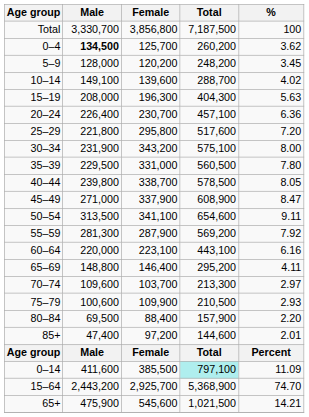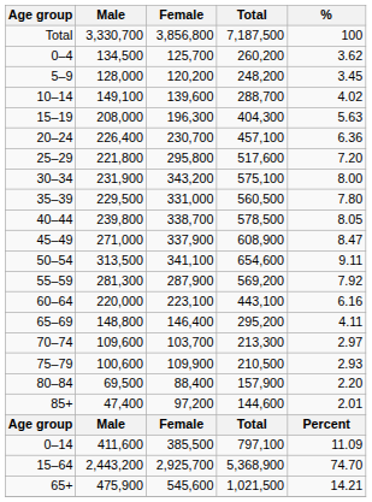 <table class="wikitable" style="text-align:right;">
 <tr>
 <th width="80pt">Age group</th>
 <th width="80pt">Male</th>
 <th width="80pt">Female</th>
 <th width="80pt">Total</th>
 <th width="90pt">%</th>
 </tr>
 <tr>
 <td>Total</td>
 <td>3,330,700</td>
 <td>3,856,800</td>
 <td>7,187,500</td>
 <td>100</td>
 </tr>
 <tr>
 <td>0–4</td>
-<td><strong>134,500</strong></td>
+<td>134,500</td>
 <td>125,700</td>
 <td>260,200</td>
 <td>3.62</td>
 </tr>
 <tr>
 <td>5–9</td>
 <td>128,000</td>
 <td>120,200</td>
 <td>248,200</td>
 <td>3.45</td>
 </tr>
 <tr>
 <td>10–14</td>
 <td>149,100</td>
 <td>139,600</td>
 <td>288,700</td>
 <td>4.02</td>
 </tr>
 <tr>
 <td>15–19</td>
 <td>208,000</td>
 <td>196,300</td>
 <td>404,300</td>
 <td>5.63</td>
 </tr>
 <tr>
 <td>20–24</td>
 <td>226,400</td>
 <td>230,700</td>
 <td>457,100</td>
 <td>6.36</td>
 </tr>
 <tr>
 <td>25–29</td>
 <td>221,800</td>
 <td>295,800</td>
 <td>517,600</td>
 <td>7.20</td>
 </tr>
 <tr>
 <td>30–34</td>
 <td>231,900</td>
 <td>343,200</td>
 <td>575,100</td>
 <td>8.00</td>
 </tr>
 <tr>
 <td>35–39</td>
 <td>229,500</td>
 <td>331,000</td>
 <td>560,500</td>
 <td>7.80</td>
 </tr>
 <tr>
 <td>40–44</td>
 <td>239,800</td>
 <td>338,700</td>
 <td>578,500</td>
 <td>8.05</td>
 </tr>
 <tr>
 <td>45–49</td>
 <td>271,000</td>
 <td>337,900</td>
 <td>608,900</td>
 <td>8.47</td>
 </tr>
 <tr>
 <td>50–54</td>
 <td>313,500</td>
 <td>341,100</td>
 <td>654,600</td>
 <td>9.11</td>
 </tr>
 <tr>
 <td>55–59</td>
 <td>281,300</td>
 <td>287,900</td>
 <td>569,200</td>
 <td>7.92</td>
 </tr>
 <tr>
 <td>60–64</td>
 <td>220,000</td>
 <td>223,100</td>
 <td>443,100</td>
 <td>6.16</td>
 </tr>
 <tr>
 <td>65–69</td>
 <td>148,800</td>
 <td>146,400</td>
 <td>295,200</td>
 <td>4.11</td>
 </tr>
 <tr>
 <td>70–74</td>
 <td>109,600</td>
 <td>103,700</td>
 <td>213,300</td>
 <td>2.97</td>
 </tr>
 <tr>
 <td>75–79</td>
 <td>100,600</td>
 <td>109,900</td>
 <td>210,500</td>
 <td>2.93</td>
 </tr>
 <tr>
 <td>80–84</td>
 <td>69,500</td>
 <td>88,400</td>
 <td>157,900</td>
 <td>2.20</td>
 </tr>
 <tr>
 <td>85+</td>
 <td>47,400</td>
 <td>97,200</td>
 <td>144,600</td>
 <td>2.01</td>
 </tr>
 <tr>
 <th width="50">Age group</th>
 <th width="80pt">Male</th>
 <th width="80">Female</th>
 <th width="80">Total</th>
 <th width="50">Percent</th>
 </tr>
 <tr>
 <td>0–14</td>
 <td>411,600</td>
 <td>385,500</td>
-<td style="background: paleturquoise;">797,100</td>
+<td>797,100</td>
 <td>11.09</td>
 </tr>
 <tr>
 <td>15–64</td>
 <td>2,443,200</td>
 <td>2,925,700</td>
 <td>5,368,900</td>
 <td>74.70</td>
 </tr>
 <tr>
 <td>65+</td>
 <td>475,900</td>
 <td>545,600</td>
 <td>1,021,500</td>
 <td>14.21</td>
 </tr>
 <tr>
 </tr>
 </table>
